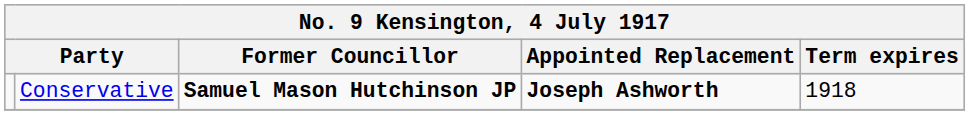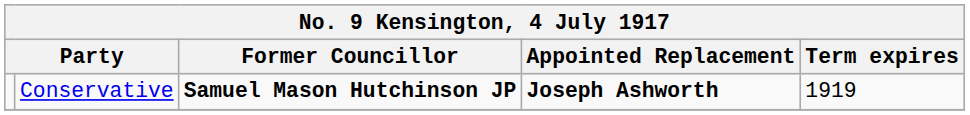 <table class="wikitable">
 <tr>
 <th colspan="5"><strong>No. 9 Kensington, 4 July 1917</strong></th>
 </tr>
 <tr>
 <th colspan="2">Party</th>
 <th>Former Councillor</th>
 <th>Appointed Replacement</th>
 <th>Term expires</th>
 </tr>
 <tr>
 <td style="background-color:"></td>
 <td><a href='#'>Conservative</a></td>
 <td><strong>Samuel Mason Hutchinson JP</strong></td>
 <td><strong>Joseph Ashworth</strong></td>
-<td>1918</td>
+<td>1919</td>
 </tr>
 <tr>
 </tr>
 </table>
